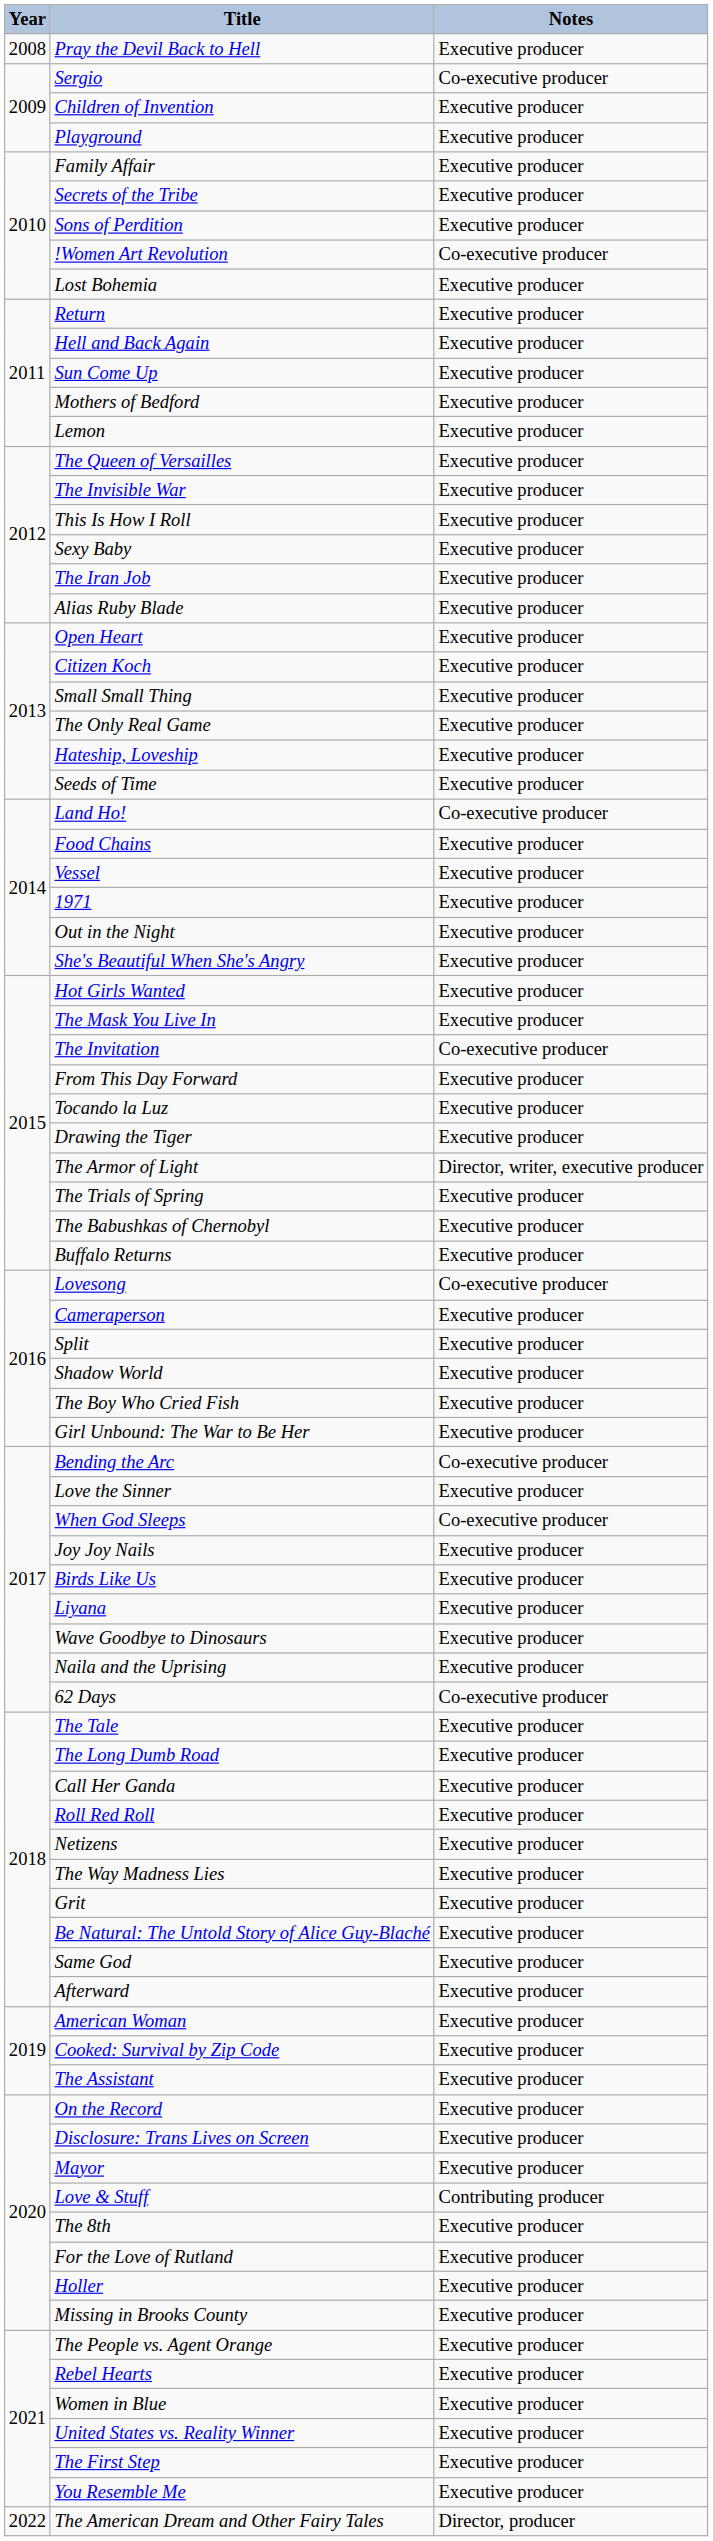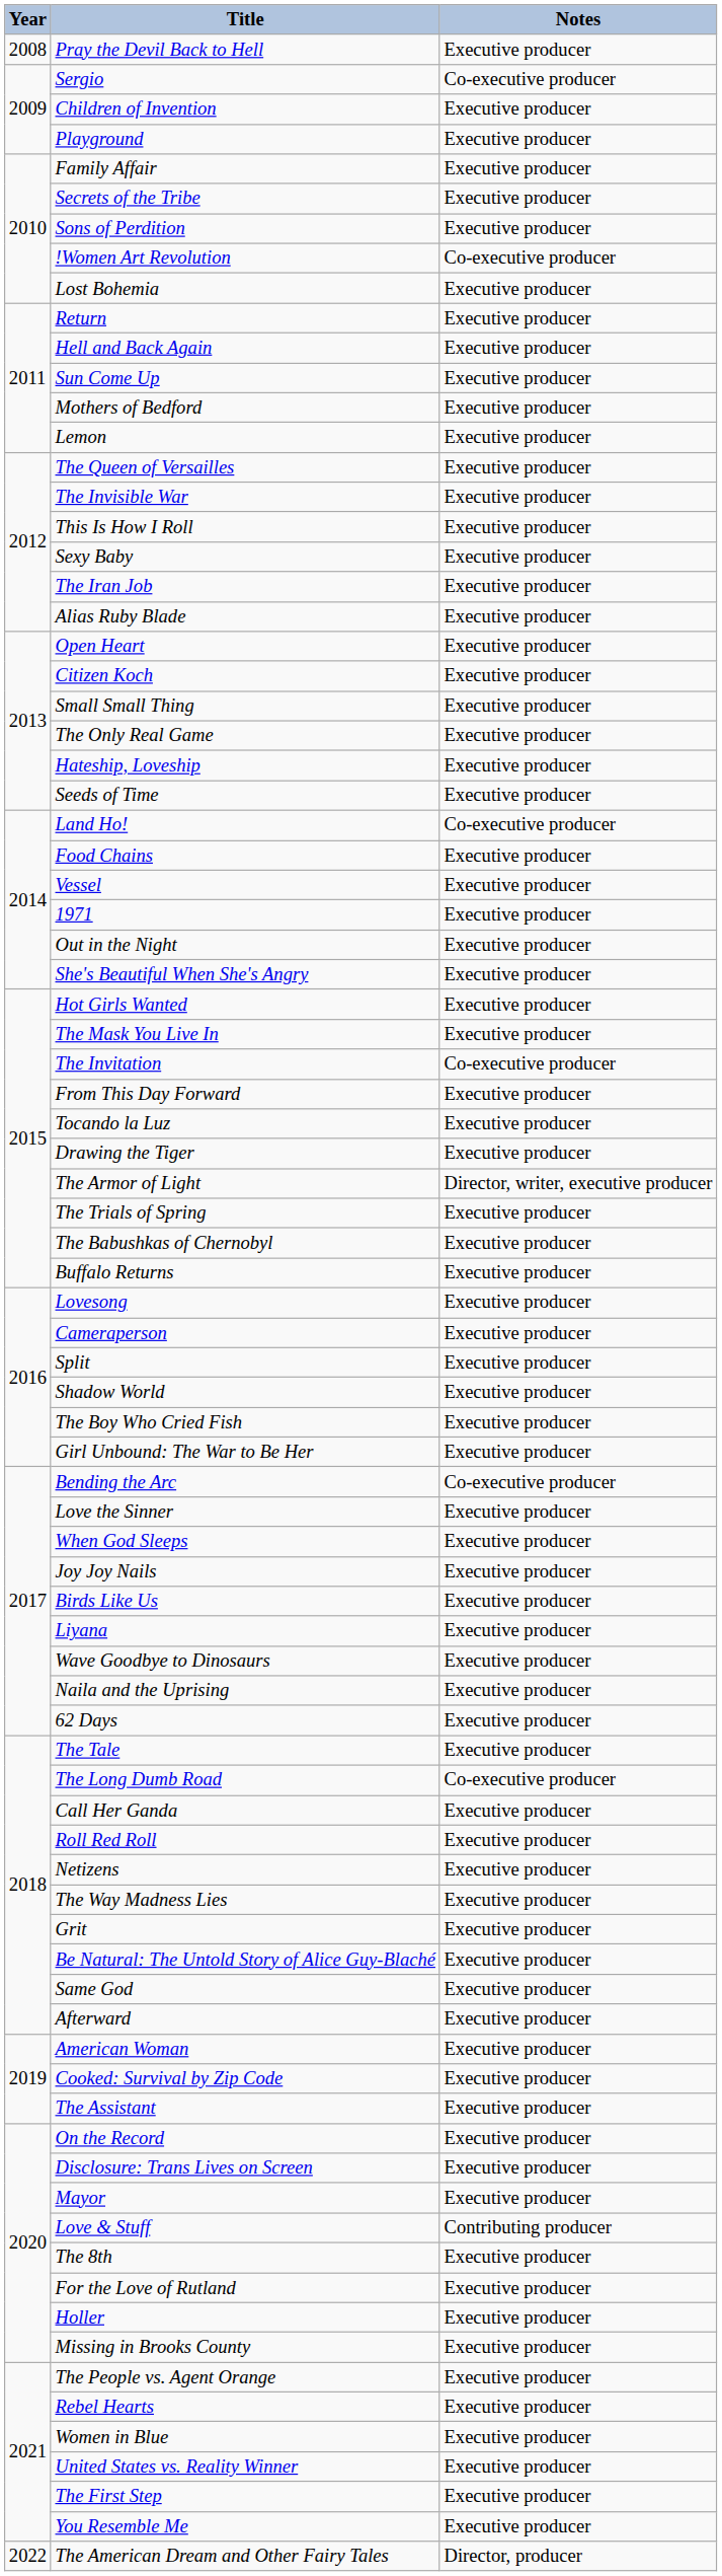 <table class="wikitable">
 <tr>
 <th style="background:#B0C4DE;">Year</th>
 <th style="background:#B0C4DE;">Title</th>
 <th style="background:#B0C4DE;">Notes</th>
 </tr>
 <tr>
 <td>2008</td>
 <td><em><a href='#'>Pray the Devil Back to Hell</a></em></td>
 <td>Executive producer</td>
 </tr>
 <tr>
 <td rowspan="3">2009</td>
 <td><em><a href='#'>Sergio</a></em></td>
 <td>Co-executive producer</td>
 </tr>
 <tr>
 <td><em><a href='#'>Children of Invention</a></em></td>
 <td>Executive producer</td>
 </tr>
 <tr>
 <td><em><a href='#'>Playground</a></em></td>
 <td>Executive producer</td>
 </tr>
 <tr>
 <td rowspan="5">2010</td>
 <td><em>Family Affair</em></td>
 <td>Executive producer</td>
 </tr>
 <tr>
 <td><em><a href='#'>Secrets of the Tribe</a></em></td>
 <td>Executive producer</td>
 </tr>
 <tr>
 <td><em><a href='#'>Sons of Perdition</a></em></td>
 <td>Executive producer</td>
 </tr>
 <tr>
 <td><em><a href='#'>!Women Art Revolution</a></em></td>
 <td>Co-executive producer</td>
 </tr>
 <tr>
 <td><em>Lost Bohemia</em></td>
 <td>Executive producer</td>
 </tr>
 <tr>
 <td rowspan="5">2011</td>
 <td><em><a href='#'>Return</a></em></td>
 <td>Executive producer</td>
 </tr>
 <tr>
 <td><em><a href='#'>Hell and Back Again</a></em></td>
 <td>Executive producer</td>
 </tr>
 <tr>
 <td><em><a href='#'>Sun Come Up</a></em></td>
 <td>Executive producer</td>
 </tr>
 <tr>
 <td><em>Mothers of Bedford</em></td>
 <td>Executive producer</td>
 </tr>
 <tr>
 <td><em>Lemon</em></td>
 <td>Executive producer</td>
 </tr>
 <tr>
 <td rowspan="6">2012</td>
 <td><em><a href='#'>The Queen of Versailles</a></em></td>
 <td>Executive producer</td>
 </tr>
 <tr>
 <td><em><a href='#'>The Invisible War</a></em></td>
 <td>Executive producer</td>
 </tr>
 <tr>
 <td><em>This Is How I Roll</em></td>
 <td>Executive producer</td>
 </tr>
 <tr>
 <td><em>Sexy Baby</em></td>
 <td>Executive producer</td>
 </tr>
 <tr>
 <td><em><a href='#'>The Iran Job</a></em></td>
 <td>Executive producer</td>
 </tr>
 <tr>
 <td><em>Alias Ruby Blade</em></td>
 <td>Executive producer</td>
 </tr>
 <tr>
 <td rowspan="6">2013</td>
 <td><em><a href='#'>Open Heart</a></em></td>
 <td>Executive producer</td>
 </tr>
 <tr>
 <td><em><a href='#'>Citizen Koch</a></em></td>
 <td>Executive producer</td>
 </tr>
 <tr>
 <td><em>Small Small Thing</em></td>
 <td>Executive producer</td>
 </tr>
 <tr>
 <td><em>The Only Real Game</em></td>
 <td>Executive producer</td>
 </tr>
 <tr>
 <td><em><a href='#'>Hateship, Loveship</a></em></td>
 <td>Executive producer</td>
 </tr>
 <tr>
 <td><em>Seeds of Time</em></td>
 <td>Executive producer</td>
 </tr>
 <tr>
 <td rowspan="6">2014</td>
 <td><em><a href='#'>Land Ho!</a></em></td>
 <td>Co-executive producer</td>
 </tr>
 <tr>
 <td><em><a href='#'>Food Chains</a></em></td>
 <td>Executive producer</td>
 </tr>
 <tr>
 <td><em><a href='#'>Vessel</a></em></td>
 <td>Executive producer</td>
 </tr>
 <tr>
 <td><em><a href='#'>1971</a></em></td>
 <td>Executive producer</td>
 </tr>
 <tr>
 <td><em>Out in the Night</em></td>
 <td>Executive producer</td>
 </tr>
 <tr>
 <td><em><a href='#'>She's Beautiful When She's Angry</a></em></td>
 <td>Executive producer</td>
 </tr>
 <tr>
 <td rowspan="10">2015</td>
 <td><em><a href='#'>Hot Girls Wanted</a></em></td>
 <td>Executive producer</td>
 </tr>
 <tr>
 <td><em><a href='#'>The Mask You Live In</a></em></td>
 <td>Executive producer</td>
 </tr>
 <tr>
 <td><em><a href='#'>The Invitation</a></em></td>
 <td>Co-executive producer</td>
 </tr>
 <tr>
 <td><em>From This Day Forward</em></td>
 <td>Executive producer</td>
 </tr>
 <tr>
 <td><em>Tocando la Luz</em></td>
 <td>Executive producer</td>
 </tr>
 <tr>
 <td><em>Drawing the Tiger</em></td>
 <td>Executive producer</td>
 </tr>
 <tr>
 <td><em>The Armor of Light</em></td>
 <td>Director, writer, executive producer</td>
 </tr>
 <tr>
 <td><em>The Trials of Spring</em></td>
 <td>Executive producer</td>
 </tr>
 <tr>
 <td><em>The Babushkas of Chernobyl</em></td>
 <td>Executive producer</td>
 </tr>
 <tr>
 <td><em>Buffalo Returns</em></td>
 <td>Executive producer</td>
 </tr>
 <tr>
 <td rowspan="6">2016</td>
 <td><em><a href='#'>Lovesong</a></em></td>
-<td>Co-executive producer</td>
+<td>Executive producer</td>
 </tr>
 <tr>
 <td><em><a href='#'>Cameraperson</a></em></td>
 <td>Executive producer</td>
 </tr>
 <tr>
 <td><em>Split</em></td>
 <td>Executive producer</td>
 </tr>
 <tr>
 <td><em>Shadow World</em></td>
 <td>Executive producer</td>
 </tr>
 <tr>
 <td><em>The Boy Who Cried Fish</em></td>
 <td>Executive producer</td>
 </tr>
 <tr>
 <td><em>Girl Unbound: The War to Be Her</em></td>
 <td>Executive producer</td>
 </tr>
 <tr>
 <td rowspan="9">2017</td>
 <td><em><a href='#'>Bending the Arc</a></em></td>
 <td>Co-executive producer</td>
 </tr>
 <tr>
 <td><em>Love the Sinner</em></td>
 <td>Executive producer</td>
 </tr>
 <tr>
 <td><em><a href='#'>When God Sleeps</a></em></td>
-<td>Co-executive producer</td>
+<td>Executive producer</td>
 </tr>
 <tr>
 <td><em>Joy Joy Nails</em></td>
 <td>Executive producer</td>
 </tr>
 <tr>
 <td><em><a href='#'>Birds Like Us</a></em></td>
 <td>Executive producer</td>
 </tr>
 <tr>
 <td><em><a href='#'>Liyana</a></em></td>
 <td>Executive producer</td>
 </tr>
 <tr>
 <td><em>Wave Goodbye to Dinosaurs</em></td>
 <td>Executive producer</td>
 </tr>
 <tr>
 <td><em>Naila and the Uprising</em></td>
 <td>Executive producer</td>
 </tr>
 <tr>
 <td><em>62 Days</em></td>
-<td>Co-executive producer</td>
+<td>Executive producer</td>
 </tr>
 <tr>
 <td rowspan="10">2018</td>
 <td><em><a href='#'>The Tale</a></em></td>
 <td>Executive producer</td>
 </tr>
 <tr>
 <td><em><a href='#'>The Long Dumb Road</a></em></td>
-<td>Executive producer</td>
+<td>Co-executive producer</td>
 </tr>
 <tr>
 <td><em>Call Her Ganda</em></td>
 <td>Executive producer</td>
 </tr>
 <tr>
 <td><em><a href='#'>Roll Red Roll</a></em></td>
 <td>Executive producer</td>
 </tr>
 <tr>
 <td><em>Netizens</em></td>
 <td>Executive producer</td>
 </tr>
 <tr>
 <td><em>The Way Madness Lies</em></td>
 <td>Executive producer</td>
 </tr>
 <tr>
 <td><em>Grit</em></td>
 <td>Executive producer</td>
 </tr>
 <tr>
 <td><em><a href='#'>Be Natural: The Untold Story of Alice Guy-Blaché</a></em></td>
 <td>Executive producer</td>
 </tr>
 <tr>
 <td><em>Same God</em></td>
 <td>Executive producer</td>
 </tr>
 <tr>
 <td><em>Afterward</em></td>
 <td>Executive producer</td>
 </tr>
 <tr>
 <td rowspan="3">2019</td>
 <td><em><a href='#'>American Woman</a></em></td>
 <td>Executive producer</td>
 </tr>
 <tr>
 <td><em><a href='#'>Cooked: Survival by Zip Code</a></em></td>
 <td>Executive producer</td>
 </tr>
 <tr>
 <td><em><a href='#'>The Assistant</a></em></td>
 <td>Executive producer</td>
 </tr>
 <tr>
 <td rowspan="8">2020</td>
 <td><em><a href='#'>On the Record</a></em></td>
 <td>Executive producer</td>
 </tr>
 <tr>
 <td><em><a href='#'>Disclosure: Trans Lives on Screen</a></em></td>
 <td>Executive producer</td>
 </tr>
 <tr>
 <td><em><a href='#'>Mayor</a></em></td>
 <td>Executive producer</td>
 </tr>
 <tr>
 <td><em><a href='#'>Love & Stuff</a></em></td>
 <td>Contributing producer</td>
 </tr>
 <tr>
 <td><em>The 8th</em></td>
 <td>Executive producer</td>
 </tr>
 <tr>
 <td><em>For the Love of Rutland</em></td>
 <td>Executive producer</td>
 </tr>
 <tr>
 <td><em><a href='#'>Holler</a></em></td>
 <td>Executive producer</td>
 </tr>
 <tr>
 <td><em>Missing in Brooks County</em></td>
 <td>Executive producer</td>
 </tr>
 <tr>
 <td rowspan="6">2021</td>
 <td><em>The People vs. Agent Orange</em></td>
 <td>Executive producer</td>
 </tr>
 <tr>
 <td><em><a href='#'>Rebel Hearts</a></em></td>
 <td>Executive producer</td>
 </tr>
 <tr>
 <td><em>Women in Blue</em></td>
 <td>Executive producer</td>
 </tr>
 <tr>
 <td><em><a href='#'>United States vs. Reality Winner</a></em></td>
 <td>Executive producer</td>
 </tr>
 <tr>
 <td><em><a href='#'>The First Step</a></em></td>
 <td>Executive producer</td>
 </tr>
 <tr>
 <td><em><a href='#'>You Resemble Me</a></em></td>
 <td>Executive producer</td>
 </tr>
 <tr>
 <td>2022</td>
 <td><em>The American Dream and Other Fairy Tales</em></td>
 <td>Director, producer</td>
 </tr>
 </table>
